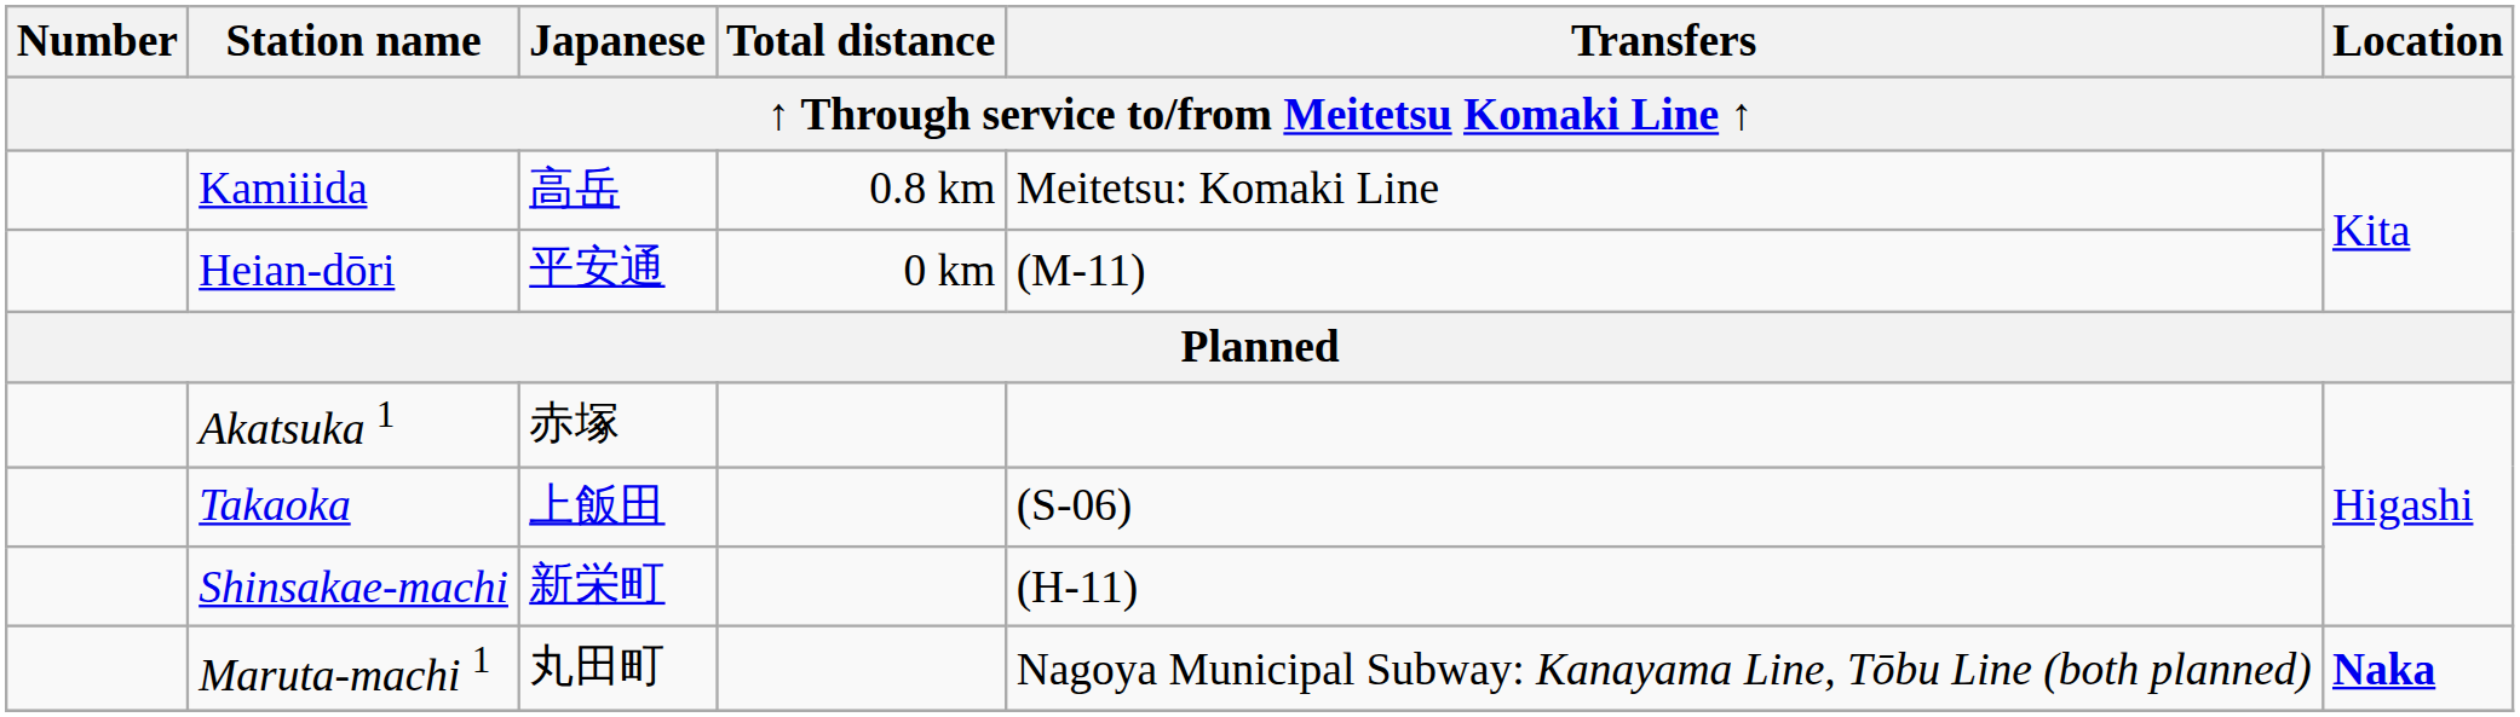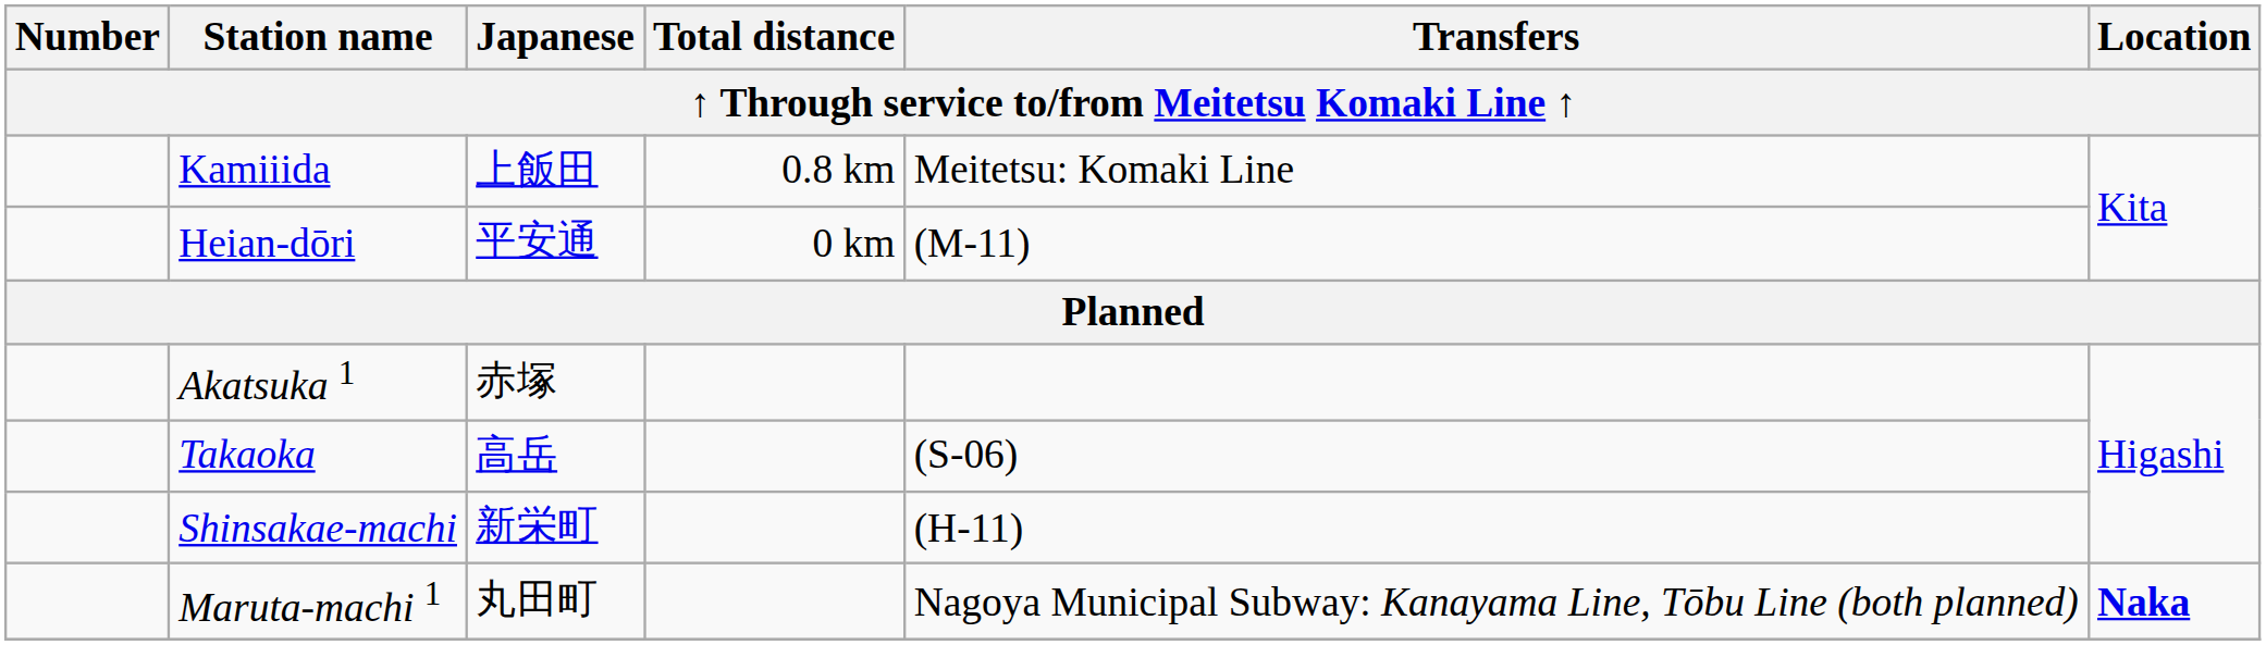 <table class="wikitable">
 <tr>
 <th style="border-bottom:3px solid #">Number</th>
 <th style="border-bottom:3px solid #">Station name</th>
 <th style="border-bottom:3px solid #">Japanese</th>
 <th style="border-bottom:3px solid #">Total distance</th>
 <th style="border-bottom:3px solid #">Transfers</th>
 <th style="border-bottom:3px solid #">Location</th>
 </tr>
 <tr>
 <th colspan="6">↑ Through service to/from <a href='#'>Meitetsu</a> <a href='#'>Komaki Line</a> ↑</th>
 </tr>
 <tr>
 <td></td>
 <td><a href='#'>Kamiiida</a></td>
-<td><a href='#'>高岳</a></td>
+<td><a href='#'>上飯田</a></td>
 <td align="right">0.8 km</td>
 <td>Meitetsu: Komaki Line</td>
 <td rowspan="2"><a href='#'>Kita</a></td>
 </tr>
 <tr>
 <td></td>
 <td><a href='#'>Heian-dōri</a></td>
 <td><a href='#'>平安通</a></td>
 <td align="right">0 km</td>
 <td> (M-11)</td>
 </tr>
 <tr>
 <th colspan="6">Planned</th>
 </tr>
 <tr>
 <td></td>
 <td><em>Akatsuka</em> <sup>1</sup></td>
 <td>赤塚</td>
 <td></td>
 <td></td>
 <td rowspan="3"><a href='#'>Higashi</a></td>
 </tr>
 <tr>
 <td></td>
 <td><em><a href='#'>Takaoka</a></em></td>
-<td><a href='#'>上飯田</a></td>
+<td><a href='#'>高岳</a></td>
 <td></td>
 <td> (S-06)</td>
 </tr>
 <tr>
 <td></td>
 <td><em><a href='#'>Shinsakae-machi</a></em></td>
 <td><a href='#'>新栄町</a></td>
 <td></td>
 <td> (H-11)</td>
 </tr>
 <tr>
 <td></td>
 <td><em>Maruta-machi</em> <sup>1</sup></td>
 <td>丸田町</td>
 <td></td>
 <td>Nagoya Municipal Subway: <em>Kanayama Line, Tōbu Line (both planned)</em></td>
 <td><strong><a href='#'>Naka</a></strong></td>
 </tr>
 <tr>
 </tr>
 </table>
